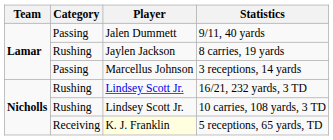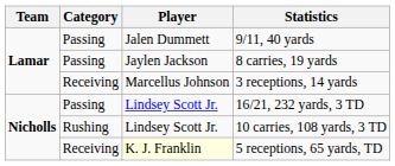 <table class="wikitable" style="float: left;">
 <tr>
 <th>Team</th>
 <th>Category</th>
 <th>Player</th>
 <th>Statistics</th>
 </tr>
 <tr>
 <td rowspan=3><strong>Lamar</strong></td>
 <td>Passing</td>
 <td>Jalen Dummett</td>
 <td>9/11, 40 yards</td>
 </tr>
 <tr>
-<td>Rushing</td>
+<td>Passing</td>
 <td>Jaylen Jackson</td>
 <td>8 carries, 19 yards</td>
 </tr>
 <tr>
-<td>Passing</td>
+<td>Receiving</td>
 <td>Marcellus Johnson</td>
 <td>3 receptions, 14 yards</td>
 </tr>
 <tr>
 <td rowspan=3><strong>Nicholls</strong></td>
-<td>Rushing</td>
+<td>Passing</td>
 <td><a href='#'>Lindsey Scott Jr.</a></td>
 <td>16/21, 232 yards, 3 TD</td>
 </tr>
 <tr>
 <td>Rushing</td>
 <td>Lindsey Scott Jr.</td>
 <td>10 carries, 108 yards, 3 TD</td>
 </tr>
 <tr>
 <td>Receiving</td>
 <td style="background: lightyellow;">K. J. Franklin</td>
 <td>5 receptions, 65 yards, TD</td>
 </tr>
 </table>
